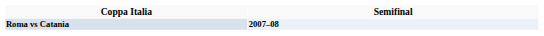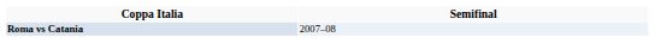 <table style="background: #f9f9f9; border: 2px #aaa solid; border-collapse: collapse; border-color: white; color:black; font-size: 95%;" width="850" cellspacing="0" border= "1">
 <tr>
 <th width="250">Coppa Italia</th>
 <th width="300">Semifinal</th>
 </tr>
 <tr style="font-size: 90%;">
 <td bgcolor="#d8e2ee"><strong>Roma vs Catania </strong></td>
-<td bgcolor="#ecf1f7"><strong>2007–08</strong></td>
+<td bgcolor="#ecf1f7">2007–08</td>
 </tr>
 </table>
